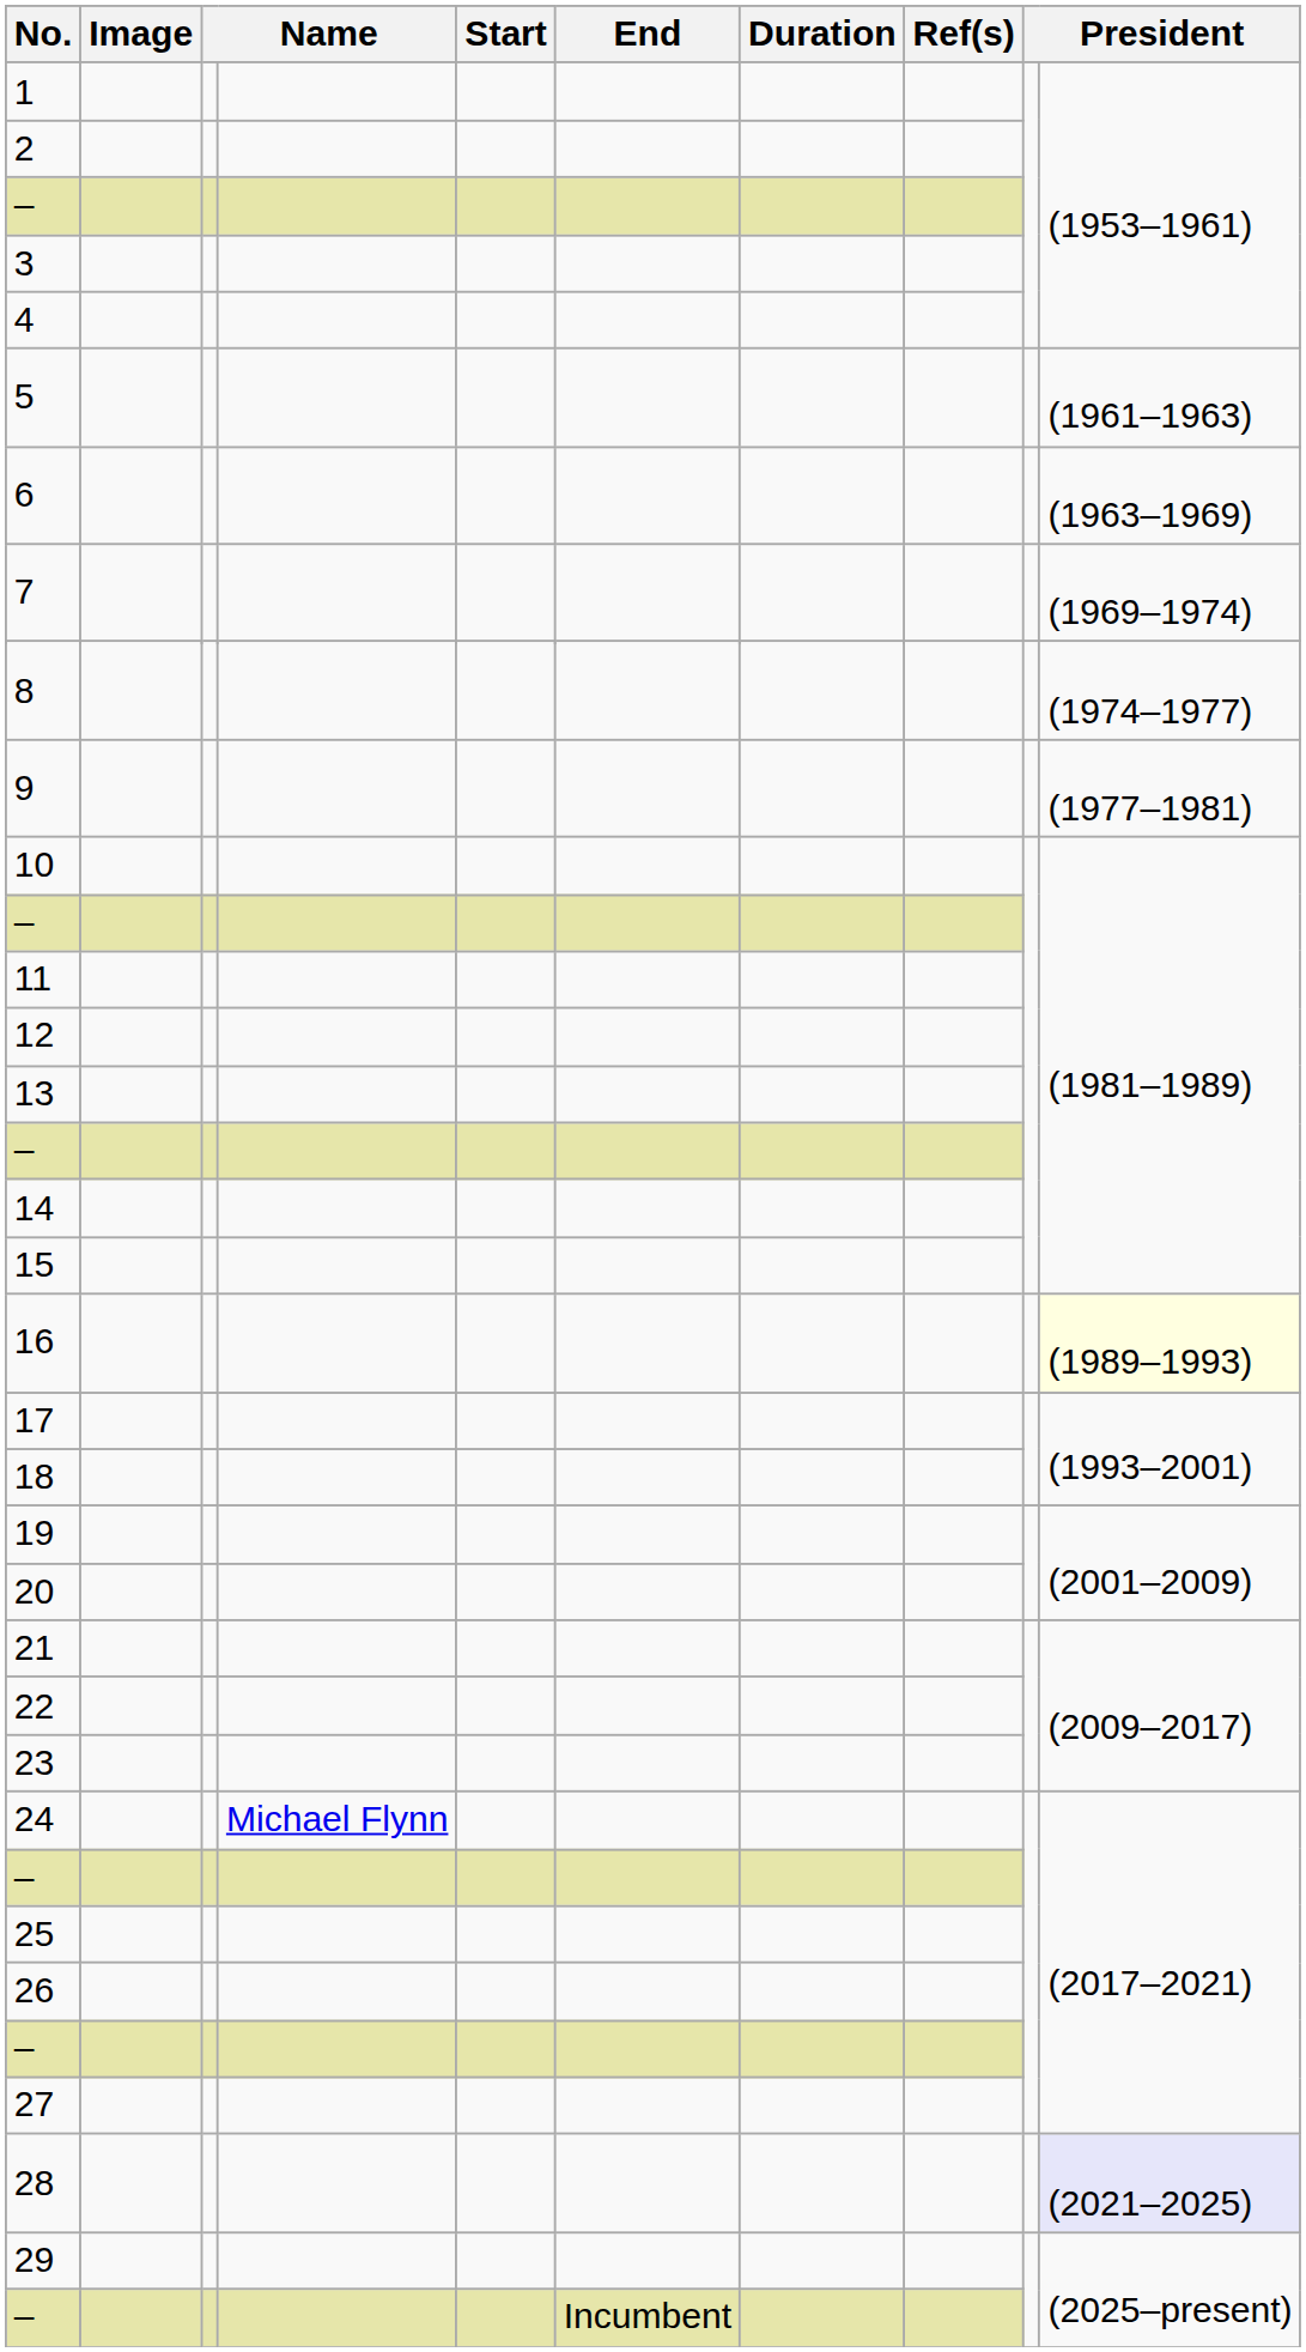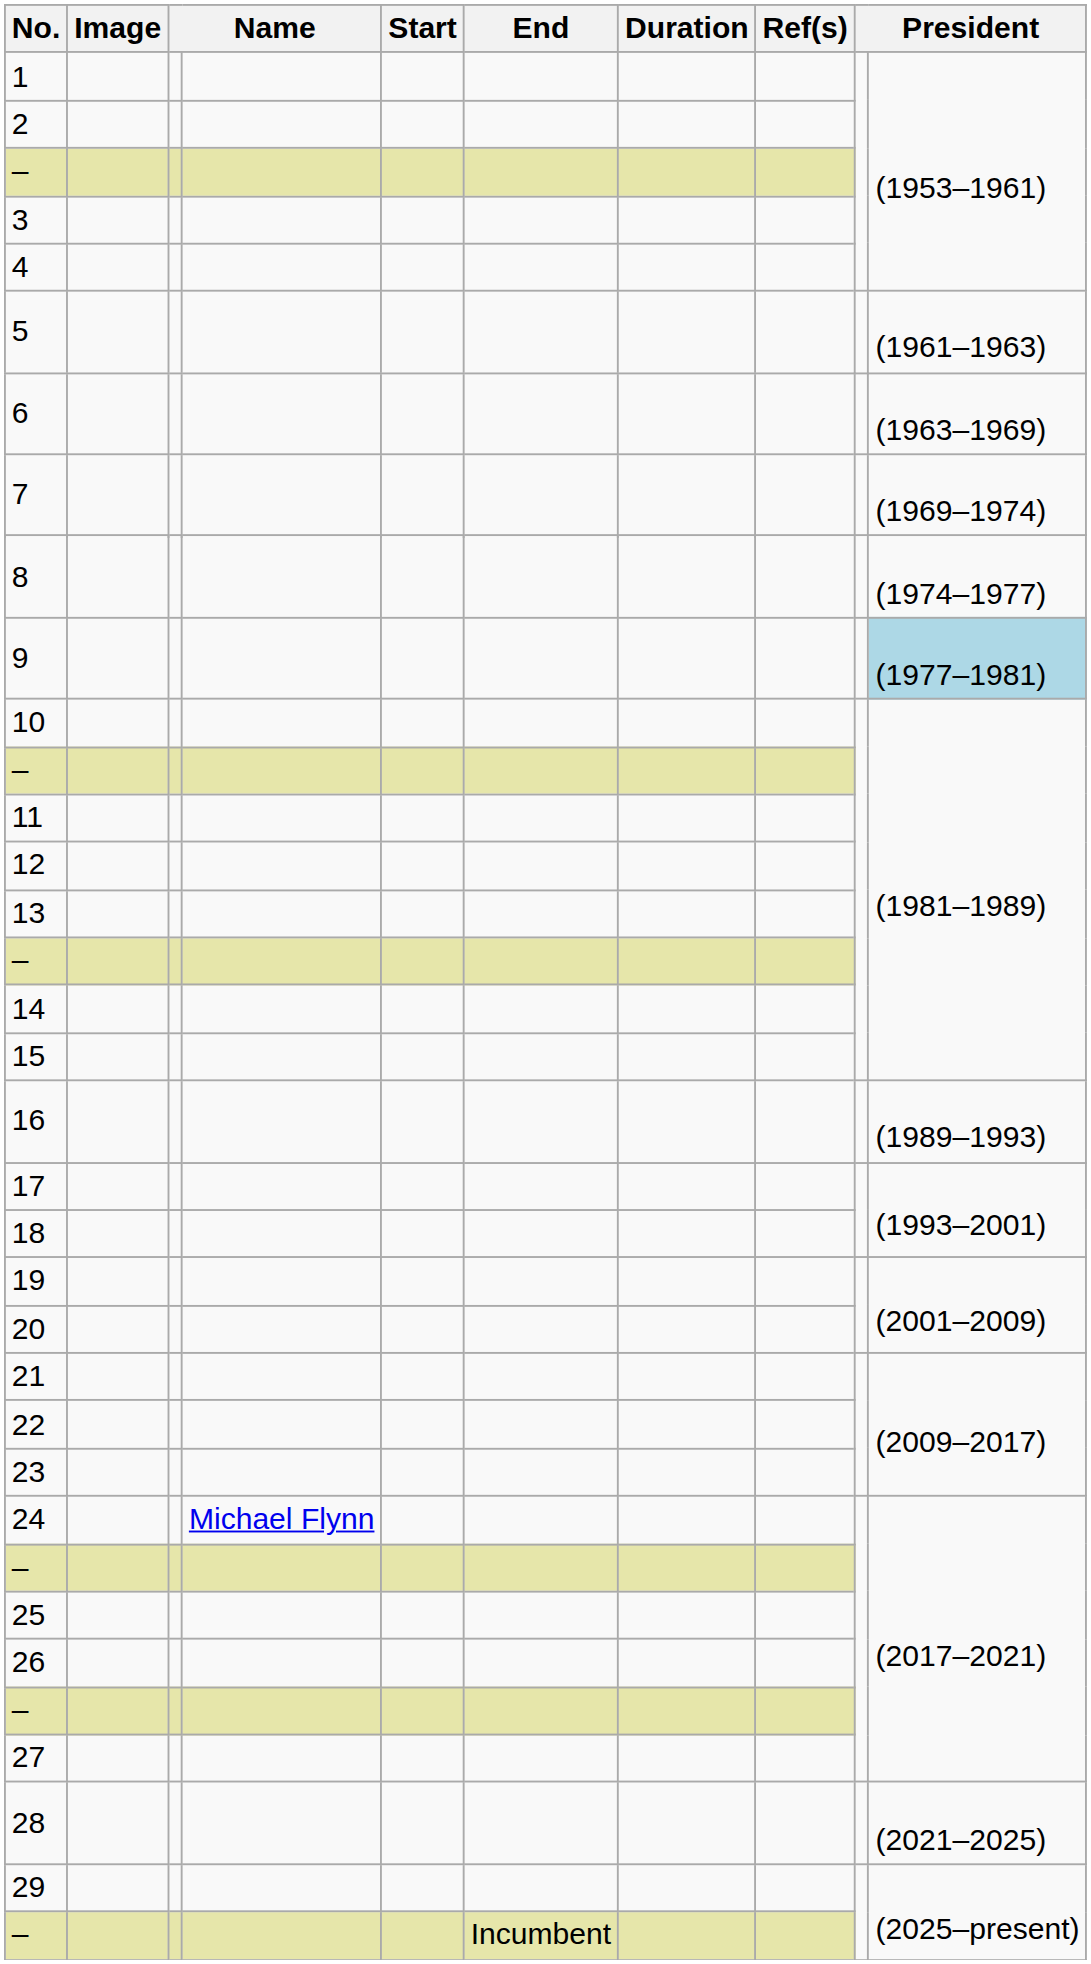 <table class="wikitable sortable">
 <tr>
 <th>No.</th>
 <th class="unsortable">Image</th>
 <th colspan=2>Name</th>
 <th>Start</th>
 <th>End</th>
 <th>Duration</th>
 <th class="unsortable">Ref(s)</th>
 <th colspan=2>President</th>
 </tr>
 <tr>
 <td>1</td>
 <td></td>
 <td style="background: "></td>
 <td></td>
 <td></td>
 <td></td>
 <td></td>
 <td></td>
 <td rowspan=5 style="background: "></td>
 <td rowspan=5><br>(1953–1961)</td>
 </tr>
 <tr>
 <td>2</td>
 <td></td>
 <td style="background: "></td>
 <td></td>
 <td></td>
 <td></td>
 <td></td>
 <td></td>
 </tr>
 <tr bgcolor=#E6E6AA>
 <td>–</td>
 <td></td>
 <td style="background: "></td>
 <td><br></td>
 <td></td>
 <td></td>
 <td></td>
 <td></td>
 </tr>
 <tr>
 <td>3</td>
 <td></td>
 <td style="background: "></td>
 <td></td>
 <td></td>
 <td></td>
 <td></td>
 <td></td>
 </tr>
 <tr>
 <td>4</td>
 <td></td>
 <td style="background: "></td>
 <td></td>
 <td></td>
 <td></td>
 <td></td>
 <td></td>
 </tr>
 <tr>
 <td rowspan=2>5</td>
 <td rowspan=2></td>
 <td rowspan=2 style="background: "></td>
 <td rowspan=2></td>
 <td rowspan=2></td>
 <td rowspan=2></td>
 <td rowspan=2></td>
 <td rowspan=2></td>
 <td style="background: "></td>
 <td><br>(1961–1963)</td>
 </tr>
 <tr>
 <td rowspan=2 style="background: "></td>
 <td rowspan=2><br>(1963–1969)</td>
 </tr>
 <tr>
 <td>6</td>
 <td></td>
 <td style="background: "></td>
 <td></td>
 <td></td>
 <td></td>
 <td></td>
 <td></td>
 </tr>
 <tr>
 <td rowspan=2>7</td>
 <td rowspan=2></td>
 <td rowspan=2 style="background: "></td>
 <td rowspan=2></td>
 <td rowspan=2></td>
 <td rowspan=2></td>
 <td rowspan=2></td>
 <td rowspan=2></td>
 <td style="background: "></td>
 <td><br>(1969–1974)</td>
 </tr>
 <tr>
 <td rowspan=2 style="background: "></td>
 <td rowspan=2><br>(1974–1977)</td>
 </tr>
 <tr>
 <td>8</td>
 <td></td>
 <td style="background: "></td>
 <td></td>
 <td></td>
 <td></td>
 <td></td>
 <td></td>
 </tr>
 <tr>
 <td>9</td>
 <td></td>
 <td style="background: "></td>
 <td></td>
 <td></td>
 <td></td>
 <td></td>
 <td></td>
 <td style="background: "></td>
-<td><br>(1977–1981)</td>
+<td style="background: lightblue;"><br>(1977–1981)</td>
 </tr>
 <tr>
 <td>10</td>
 <td></td>
 <td style="background: "></td>
 <td></td>
 <td></td>
 <td></td>
 <td></td>
 <td></td>
 <td rowspan=8 style="background: "></td>
 <td rowspan=8><br>(1981–1989)</td>
 </tr>
 <tr bgcolor=#E6E6AA>
 <td>–</td>
 <td></td>
 <td style="background: "></td>
 <td><br></td>
 <td></td>
 <td></td>
 <td></td>
 <td></td>
 </tr>
 <tr>
 <td>11</td>
 <td></td>
 <td style="background: "></td>
 <td></td>
 <td></td>
 <td></td>
 <td></td>
 <td></td>
 </tr>
 <tr>
 <td>12</td>
 <td></td>
 <td style="background: "></td>
 <td></td>
 <td></td>
 <td></td>
 <td></td>
 <td></td>
 </tr>
 <tr>
 <td>13</td>
 <td></td>
 <td style="background: "></td>
 <td></td>
 <td></td>
 <td></td>
 <td></td>
 <td></td>
 </tr>
 <tr bgcolor=#E6E6AA>
 <td>–</td>
 <td></td>
 <td style="background: "></td>
 <td><br></td>
 <td></td>
 <td></td>
 <td></td>
 <td></td>
 </tr>
 <tr>
 <td>14</td>
 <td></td>
 <td style="background: "></td>
 <td></td>
 <td></td>
 <td></td>
 <td></td>
 <td></td>
 </tr>
 <tr>
 <td>15</td>
 <td></td>
 <td style="background: "></td>
 <td></td>
 <td></td>
 <td></td>
 <td></td>
 <td></td>
 </tr>
 <tr>
 <td>16</td>
 <td></td>
 <td style="background: "></td>
 <td></td>
 <td></td>
 <td></td>
 <td></td>
 <td></td>
 <td style="background: "></td>
-<td style="background: lightyellow;"><br>(1989–1993)</td>
+<td><br>(1989–1993)</td>
 </tr>
 <tr>
 <td>17</td>
 <td></td>
 <td style="background: "></td>
 <td></td>
 <td></td>
 <td></td>
 <td></td>
 <td></td>
 <td rowspan=2 style="background: "></td>
 <td rowspan=2><br>(1993–2001)</td>
 </tr>
 <tr>
 <td>18</td>
 <td></td>
 <td style="background: "></td>
 <td></td>
 <td></td>
 <td></td>
 <td></td>
 <td></td>
 </tr>
 <tr>
 <td>19</td>
 <td></td>
 <td style="background: "></td>
 <td></td>
 <td></td>
 <td></td>
 <td></td>
 <td></td>
 <td rowspan=2 style="background: "></td>
 <td rowspan=2><br>(2001–2009)</td>
 </tr>
 <tr>
 <td>20</td>
 <td></td>
 <td style="background: "></td>
 <td></td>
 <td></td>
 <td></td>
 <td></td>
 <td></td>
 </tr>
 <tr>
 <td>21</td>
 <td></td>
 <td style="background: "></td>
 <td></td>
 <td></td>
 <td></td>
 <td></td>
 <td></td>
 <td rowspan=3 style="background: "></td>
 <td rowspan=3><br>(2009–2017)</td>
 </tr>
 <tr>
 <td>22</td>
 <td></td>
 <td style="background: "></td>
 <td></td>
 <td></td>
 <td></td>
 <td></td>
 <td></td>
 </tr>
 <tr>
 <td>23</td>
 <td></td>
 <td style="background: "></td>
 <td></td>
 <td></td>
 <td></td>
 <td></td>
 <td></td>
 </tr>
 <tr>
 <td>24</td>
 <td></td>
 <td style="background: "></td>
 <td><a href='#'>Michael Flynn</a></td>
 <td></td>
 <td></td>
 <td></td>
 <td></td>
 <td rowspan=6 style="background: "></td>
 <td rowspan=6><br>(2017–2021)</td>
 </tr>
 <tr bgcolor=#E6E6AA>
 <td>–</td>
 <td></td>
 <td style="background: "></td>
 <td><br></td>
 <td></td>
 <td></td>
 <td></td>
 <td></td>
 </tr>
 <tr>
 <td>25</td>
 <td></td>
 <td style="background: "></td>
 <td></td>
 <td></td>
 <td></td>
 <td></td>
 <td></td>
 </tr>
 <tr>
 <td>26</td>
 <td></td>
 <td style="background: "></td>
 <td></td>
 <td></td>
 <td></td>
 <td></td>
 <td></td>
 </tr>
 <tr bgcolor=#E6E6AA>
 <td>–</td>
 <td></td>
 <td style="background: "></td>
 <td><br></td>
 <td></td>
 <td></td>
 <td></td>
 <td></td>
 </tr>
 <tr>
 <td>27</td>
 <td></td>
 <td style="background: "></td>
 <td></td>
 <td></td>
 <td></td>
 <td></td>
 <td></td>
 </tr>
 <tr>
 <td>28</td>
 <td></td>
 <td style="background: "></td>
 <td></td>
 <td></td>
 <td></td>
 <td></td>
 <td></td>
 <td style="background: "></td>
-<td style="background: lavender;"><br>(2021–2025)</td>
+<td><br>(2021–2025)</td>
 </tr>
 <tr>
 <td>29</td>
 <td></td>
 <td style="background: "></td>
 <td></td>
 <td></td>
 <td></td>
 <td></td>
 <td></td>
 <td rowspan=2 style="background: "></td>
 <td rowspan=2><br>(2025–present)</td>
 </tr>
 <tr bgcolor=#E6E6AA>
 <td>–</td>
 <td></td>
 <td style="background: "></td>
 <td><br></td>
 <td></td>
 <td>Incumbent</td>
 <td></td>
 <td></td>
 </tr>
 </table>
